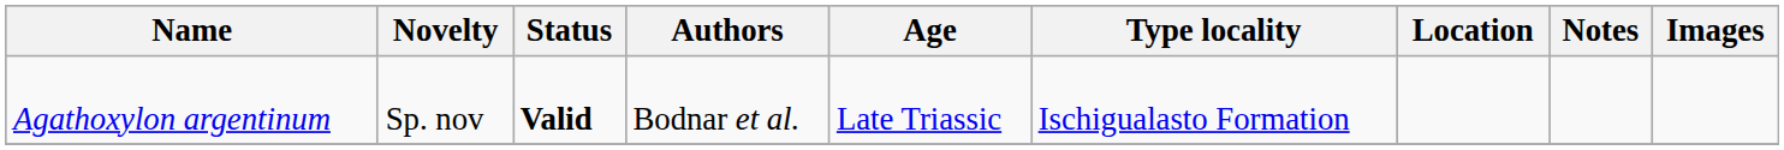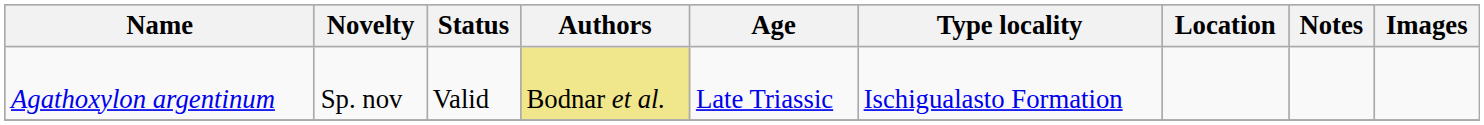 <table class="wikitable sortable" align="center" width="100%">
 <tr>
 <th>Name</th>
 <th>Novelty</th>
 <th>Status</th>
 <th>Authors</th>
 <th>Age</th>
 <th>Type locality</th>
 <th>Location</th>
 <th>Notes</th>
 <th>Images</th>
 </tr>
 <tr>
 <td><br><em><a href='#'>Agathoxylon argentinum</a></em></td>
 <td><br>Sp. nov</td>
-<td><strong><br>Valid</strong></td>
-<td><br>Bodnar <em>et al.</em></td>
+<td><br>Valid</td>
+<td style="background: khaki;"><br>Bodnar <em>et al.</em></td>
 <td><br><a href='#'>Late Triassic</a></td>
 <td><br><a href='#'>Ischigualasto Formation</a></td>
 <td><br></td>
 <td></td>
 <td></td>
 </tr>
 <tr>
 </tr>
 </table>
